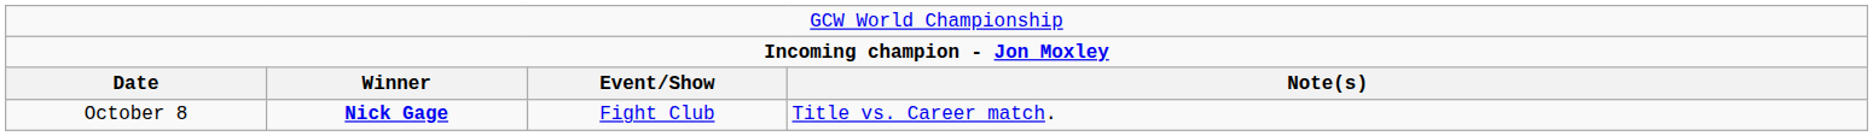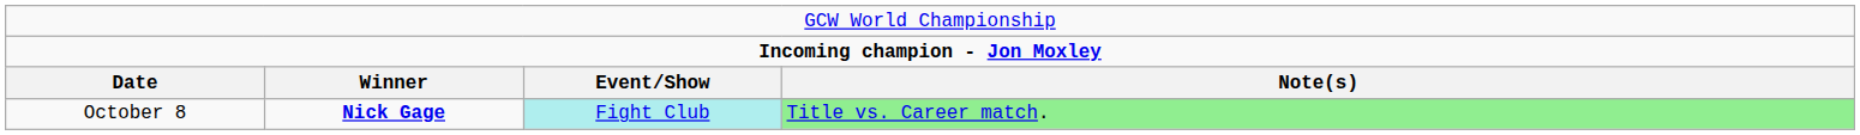 <table class="wikitable" style="text-align:center; width:100%;">
 <tr>
 <td colspan="4" style="text-align: center;"><a href='#'>GCW World Championship</a></td>
 </tr>
 <tr>
 <td colspan="4" style="text-align: center;"><strong>Incoming champion - <a href='#'>Jon Moxley</a></strong></td>
 </tr>
 <tr>
 <th width=14%>Date</th>
 <th width=14%>Winner</th>
 <th width=14%>Event/Show</th>
 <th width=58%>Note(s)</th>
 </tr>
 <tr>
 <td>October 8</td>
 <td><strong><a href='#'>Nick Gage</a></strong></td>
-<td><a href='#'>Fight Club</a><br></td>
-<td align=left><a href='#'>Title vs. Career match</a>.</td>
+<td style="background: paleturquoise;"><a href='#'>Fight Club</a><br></td>
+<td align=left style="background: lightgreen;"><a href='#'>Title vs. Career match</a>.</td>
 </tr>
 </table>
